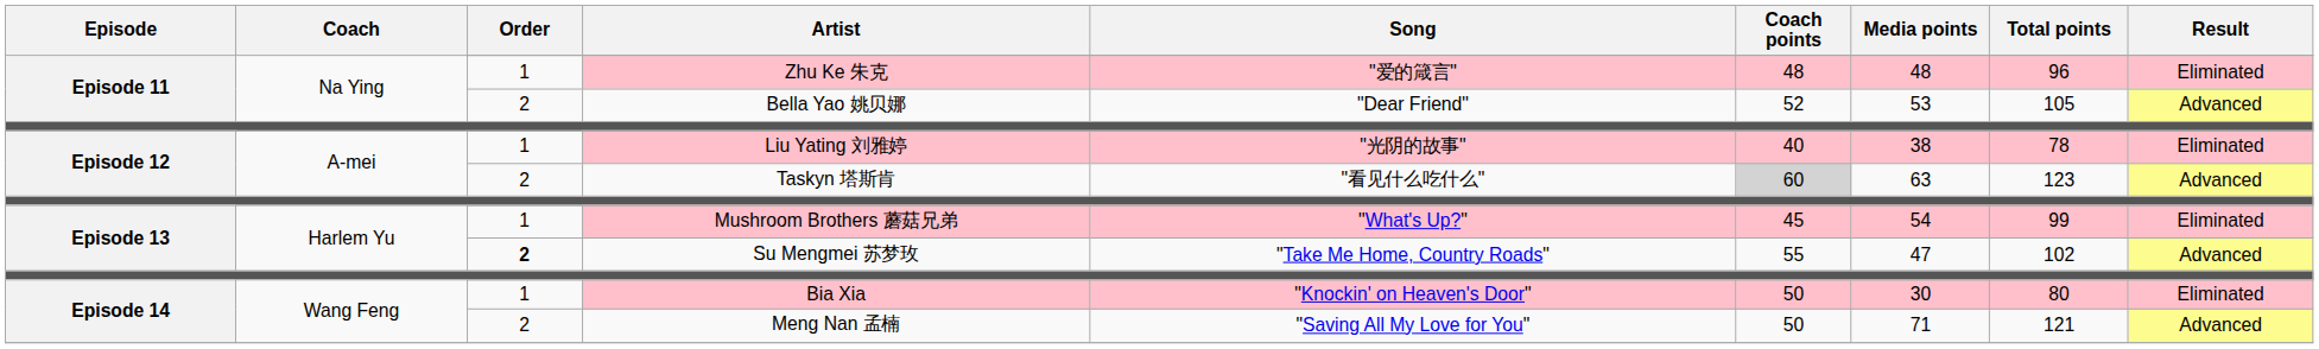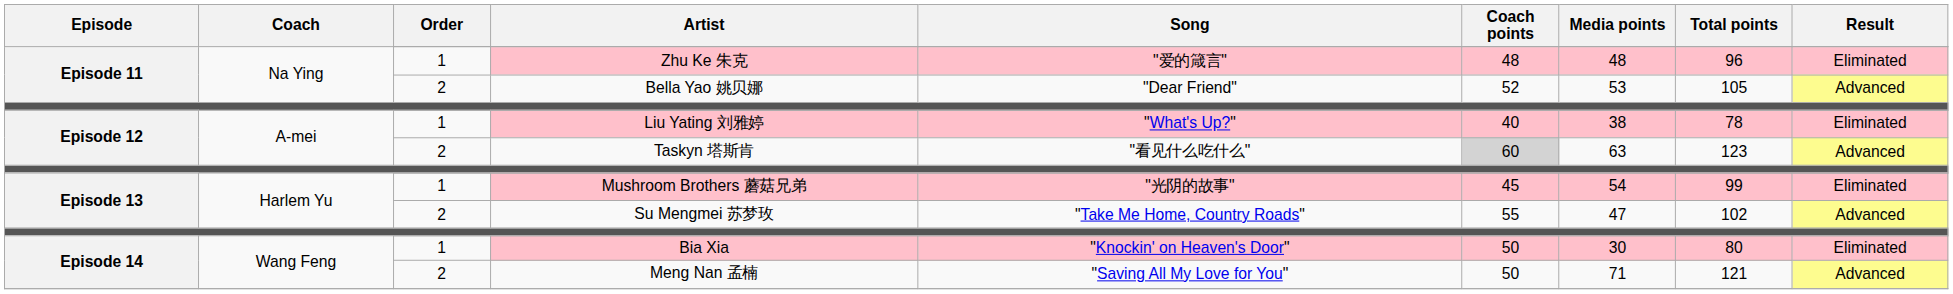 <table class="wikitable" style="text-align:center; width:100%;">
 <tr>
 <th style="width:10%;">Episode</th>
 <th style="width:10%;">Coach</th>
 <th style="width:05%;">Order</th>
 <th style="width:22%;">Artist</th>
 <th style="width:28%;">Song</th>
 <th style="width:05%;">Coach points</th>
 <th style="width:06%;">Media points</th>
 <th style! style="width:06%;">Total points</th>
 <th style! style="width:14%;">Result</th>
 </tr>
 <tr>
 <th rowspan="3" scope="row">Episode 11<br><small></small></th>
 <td rowspan="3">Na Ying</td>
 </tr>
 <tr>
 <td>1</td>
 <td style="background:pink;">Zhu Ke 朱克</td>
 <td style="background:pink;">"爱的箴言"</td>
 <td style="background:pink;">48</td>
 <td style="background:pink;">48</td>
 <td style="background:pink;">96</td>
 <td style="background:pink;">Eliminated</td>
 </tr>
 <tr>
 <td>2</td>
 <td>Bella Yao 姚贝娜</td>
 <td>"Dear Friend"</td>
 <td>52</td>
 <td>53</td>
 <td>105</td>
 <td style="background:#fdfc8f;">Advanced</td>
 </tr>
 <tr>
 <td colspan="10" style="background:#555555;"></td>
 </tr>
 <tr>
 <th rowspan="3" scope="row">Episode 12<br><small></small></th>
 <td rowspan="3">A-mei</td>
 </tr>
 <tr>
 <td>1</td>
 <td style="background:pink;">Liu Yating 刘雅婷</td>
-<td style="background:pink;">"光阴的故事"</td>
+<td style="background:pink;">"<a href='#'>What's Up?</a>"</td>
 <td style="background:pink;">40</td>
 <td style="background:pink;">38</td>
 <td style="background:pink;">78</td>
 <td style="background:pink;">Eliminated</td>
 </tr>
 <tr>
 <td>2</td>
 <td>Taskyn 塔斯肯</td>
 <td>"看见什么吃什么"</td>
 <td style="background: lightgrey;">60</td>
 <td>63</td>
 <td>123</td>
 <td style="background:#fdfc8f;">Advanced</td>
 </tr>
 <tr>
 <td colspan="9" style="background:#555555;"></td>
 </tr>
 <tr>
 <th rowspan="3" scope="row">Episode 13<br><small></small></th>
 <td rowspan="3">Harlem Yu</td>
 </tr>
 <tr>
 <td>1</td>
 <td style="background:pink;">Mushroom Brothers 蘑菇兄弟</td>
-<td style="background:pink;">"<a href='#'>What's Up?</a>"</td>
+<td style="background:pink;">"光阴的故事"</td>
 <td style="background:pink;">45</td>
 <td style="background:pink;">54</td>
 <td style="background:pink;">99</td>
 <td style="background:pink;">Eliminated</td>
 </tr>
 <tr>
-<td><strong>2</strong></td>
+<td>2</td>
 <td>Su Mengmei 苏梦玫</td>
 <td>"<a href='#'>Take Me Home, Country Roads</a>"</td>
 <td>55</td>
 <td>47</td>
 <td>102</td>
 <td style="background:#fdfc8f;">Advanced</td>
 </tr>
 <tr>
 <td colspan="9" style="background:#555555;"></td>
 </tr>
 <tr>
 <th rowspan="3" scope="row">Episode 14<br><small></small></th>
 <td rowspan="3">Wang Feng</td>
 </tr>
 <tr>
 <td>1</td>
 <td style="background:pink;">Bia Xia</td>
 <td style="background:pink;">"<a href='#'>Knockin' on Heaven's Door</a>"</td>
 <td style="background:pink;">50</td>
 <td style="background:pink;">30</td>
 <td style="background:pink;">80</td>
 <td style="background:pink;">Eliminated</td>
 </tr>
 <tr>
 <td>2</td>
 <td>Meng Nan 孟楠</td>
 <td>"<a href='#'>Saving All My Love for You</a>"</td>
 <td>50</td>
 <td>71</td>
 <td>121</td>
 <td style="background:#fdfc8f;">Advanced</td>
 </tr>
 <tr>
 </tr>
 </table>
